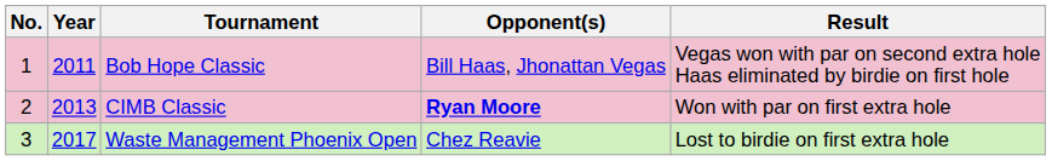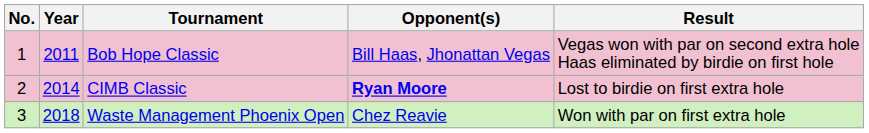 <table class="wikitable" style="font-size:95%;">
 <tr>
 <th>No.</th>
 <th>Year</th>
 <th>Tournament</th>
 <th>Opponent(s)</th>
 <th>Result</th>
 </tr>
 <tr style="background:#F2C1D1;">
 <td align=center>1</td>
 <td align=center><a href='#'>2011</a></td>
 <td><a href='#'>Bob Hope Classic</a></td>
 <td> <a href='#'>Bill Haas</a>,  <a href='#'>Jhonattan Vegas</a></td>
 <td>Vegas won with par on second extra hole<br>Haas eliminated by birdie on first hole</td>
 </tr>
 <tr style="background:#F2C1D1;">
 <td align=center>2</td>
-<td align=center><a href='#'>2013</a></td>
+<td align=center><a href='#'>2014</a></td>
 <td><a href='#'>CIMB Classic</a></td>
 <td><strong> <a href='#'>Ryan Moore</a></strong></td>
-<td>Won with par on first extra hole</td>
+<td>Lost to birdie on first extra hole</td>
 </tr>
 <tr style="background:#D0F0C0;">
 <td align=center>3</td>
-<td align=center><a href='#'>2017</a></td>
+<td align=center><a href='#'>2018</a></td>
 <td><a href='#'>Waste Management Phoenix Open</a></td>
 <td> <a href='#'>Chez Reavie</a></td>
-<td>Lost to birdie on first extra hole</td>
+<td>Won with par on first extra hole</td>
 </tr>
 </table>
